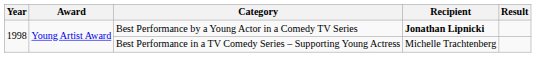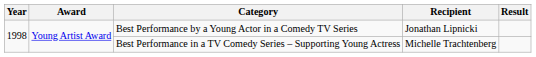 <table class="wikitable">
 <tr>
 <th>Year</th>
 <th>Award</th>
 <th>Category</th>
 <th>Recipient</th>
 <th>Result</th>
 </tr>
 <tr>
 <td rowspan=2>1998</td>
 <td rowspan=2><a href='#'>Young Artist Award</a></td>
 <td>Best Performance by a Young Actor in a Comedy TV Series</td>
-<td><strong>Jonathan Lipnicki</strong></td>
+<td>Jonathan Lipnicki</td>
 <td></td>
 </tr>
 <tr>
 <td>Best Performance in a TV Comedy Series – Supporting Young Actress</td>
 <td>Michelle Trachtenberg</td>
 <td></td>
 </tr>
 </table>
